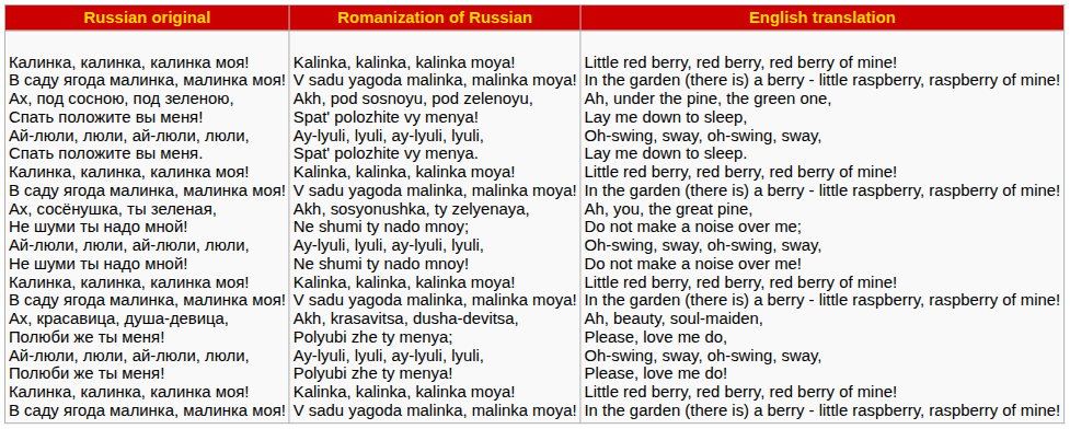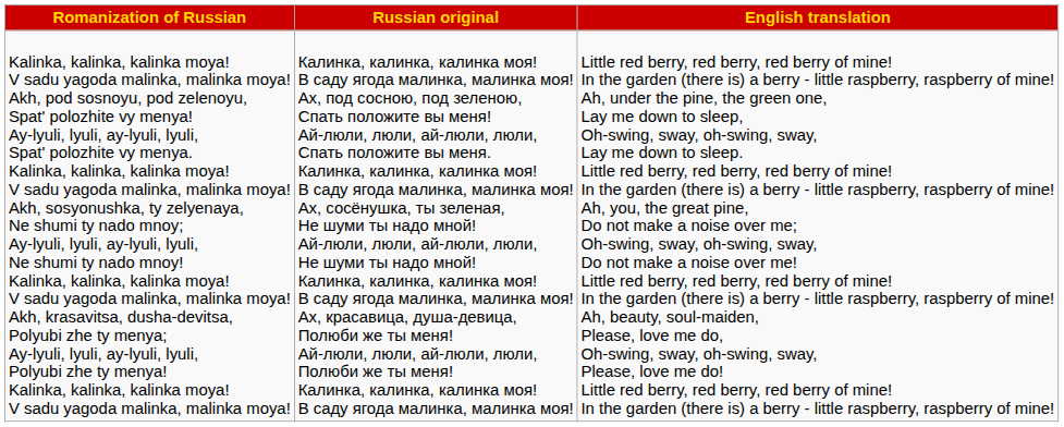 <table class="wikitable">
 <tr>
+<th style="background-color:#CD0000;color:#FFD900;">Romanization of Russian</th>
 <th style="background-color:#CD0000;color:#FFD900;">Russian original</th>
-<th style="background-color:#CD0000;color:#FFD900;">Romanization of Russian</th>
 <th style="background-color:#CD0000;color:#FFD900;">English translation</th>
 </tr>
 <tr style="vertical-align:top;white-space:nowrap;">
+<td><br>Kalinka, kalinka, kalinka moya! <br> V sadu yagoda malinka, malinka moya!<br>Akh, pod sosnoyu, pod zelenoyu, <br> Spat' polozhite vy menya! <br> Ay-lyuli, lyuli, ay-lyuli, lyuli,<br> Spat' polozhite vy menya.<br>Kalinka, kalinka, kalinka moya! <br> V sadu yagoda malinka, malinka moya!<br>Akh, sosyonushka, ty zelyenaya, <br> Ne shumi ty nado mnoy; <br> Ay-lyuli, lyuli, ay-lyuli, lyuli, <br> Ne shumi ty nado mnoy!<br>Kalinka, kalinka, kalinka moya! <br> V sadu yagoda malinka, malinka moya!<br>Akh, krasavitsa, dusha-devitsa, <br> Polyubi zhe ty menya; <br> Ay-lyuli, lyuli, ay-lyuli, lyuli, <br> Polyubi zhe ty menya!<br>Kalinka, kalinka, kalinka moya! <br> V sadu yagoda malinka, malinka moya!</td>
 <td><br>Калинка, калинка, калинка моя! <br> В саду ягода малинка, малинка моя!<br>Ах, под сосною, под зеленою, <br> Спать положите вы меня! <br> Ай-люли, люли, ай-люли, люли,<br> Спать положите вы меня.<br>Калинка, калинка, калинка моя! <br> В саду ягода малинка, малинка моя!<br>Ах, сосёнушка, ты зеленая, <br> Не шуми ты надо мной! <br> Ай-люли, люли, ай-люли, люли, <br> Не шуми ты надо мной!<br>Калинка, калинка, калинка моя! <br> В саду ягода малинка, малинка моя!<br>Ах, красавица, душа-девица, <br> Полюби же ты меня! <br> Ай-люли, люли, ай-люли, люли, <br> Полюби же ты меня!<br>Калинка, калинка, калинка моя! <br> В саду ягода малинка, малинка моя!</td>
-<td><br>Kalinka, kalinka, kalinka moya! <br> V sadu yagoda malinka, malinka moya!<br>Akh, pod sosnoyu, pod zelenoyu, <br> Spat' polozhite vy menya! <br> Ay-lyuli, lyuli, ay-lyuli, lyuli,<br> Spat' polozhite vy menya.<br>Kalinka, kalinka, kalinka moya! <br> V sadu yagoda malinka, malinka moya!<br>Akh, sosyonushka, ty zelyenaya, <br> Ne shumi ty nado mnoy; <br> Ay-lyuli, lyuli, ay-lyuli, lyuli, <br> Ne shumi ty nado mnoy!<br>Kalinka, kalinka, kalinka moya! <br> V sadu yagoda malinka, malinka moya!<br>Akh, krasavitsa, dusha-devitsa, <br> Polyubi zhe ty menya; <br> Ay-lyuli, lyuli, ay-lyuli, lyuli, <br> Polyubi zhe ty menya!<br>Kalinka, kalinka, kalinka moya! <br> V sadu yagoda malinka, malinka moya!</td>
 <td><br>Little red berry,  red berry, red berry of mine! <br> In the garden (there is) a berry - little raspberry, raspberry of mine!<br>Ah, under the pine, the green one, <br> Lay me down to sleep, <br> Oh-swing, sway, oh-swing, sway,<br> Lay me down to sleep.<br>Little red berry,  red berry, red berry of mine! <br> In the garden (there is) a berry - little raspberry, raspberry of mine!<br>Ah, you, the great pine, <br> Do not make a noise over me; <br> Oh-swing, sway, oh-swing, sway,<br> Do not make a noise over me!<br>Little red berry,  red berry, red berry of mine! <br> In the garden (there is) a berry - little raspberry, raspberry of mine!<br>Ah, beauty, soul-maiden, <br> Please, love me do, <br> Oh-swing, sway, oh-swing, sway,<br> Please, love me do!<br>Little red berry,  red berry, red berry of mine! <br> In the garden (there is) a berry - little raspberry, raspberry of mine!</td>
 </tr>
 </table>
